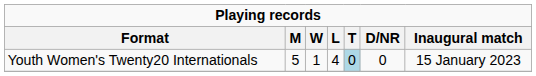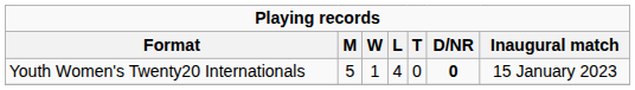 <table class="wikitable" style="text-align: center; width: 600px">
 <tr>
 <td colspan=7 align="center"><strong>Playing records</strong></td>
 </tr>
 <tr>
 <th>Format</th>
 <th>M</th>
 <th>W</th>
 <th>L</th>
 <th>T</th>
 <th>D/NR</th>
 <th>Inaugural match</th>
 </tr>
 <tr>
 <td align="left">Youth Women's Twenty20 Internationals</td>
 <td>5</td>
 <td>1</td>
 <td>4</td>
-<td style="background: lightblue;">0</td>
 <td>0</td>
+<td><strong>0</strong></td>
 <td>15 January 2023</td>
 </tr>
 <tr>
 </tr>
 </table>
